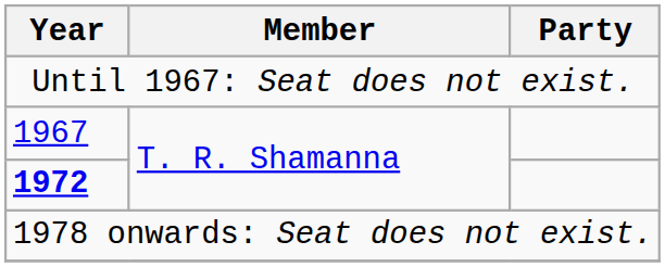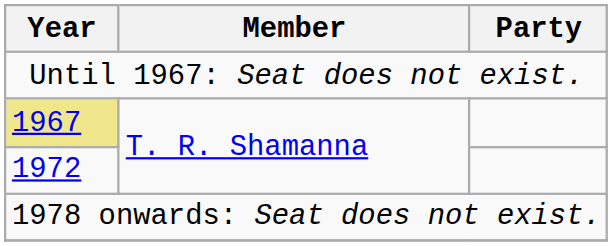 <table class="wikitable sortable">
 <tr>
 <th>Year</th>
 <th>Member</th>
 <th colspan="2">Party</th>
 </tr>
 <tr>
 <td colspan=4 align=center>Until 1967: <em>Seat does not exist.</em></td>
 </tr>
 <tr>
-<td><a href='#'>1967</a></td>
+<td style="background: khaki;"><a href='#'>1967</a></td>
 <td rowspan=2><a href='#'>T. R. Shamanna</a></td>
 <td></td>
 </tr>
 <tr>
-<td><strong><a href='#'>1972</a></strong></td>
+<td><a href='#'>1972</a></td>
 </tr>
 <tr>
 <td colspan=4 align=center>1978 onwards: <em>Seat does not exist.</em></td>
 </tr>
 <tr>
 </tr>
 </table>
